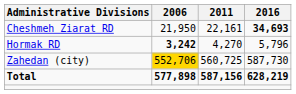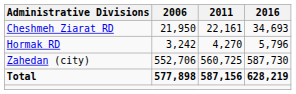 <table class="wikitable">
 <tr>
 <th>Administrative Divisions</th>
 <th>2006</th>
 <th>2011</th>
 <th>2016</th>
 </tr>
 <tr>
 <td><a href='#'>Cheshmeh Ziarat RD</a></td>
 <td style="text-align: right;">21,950</td>
 <td style="text-align: right;">22,161</td>
-<td style="text-align: right;"><strong>34,693</strong></td>
+<td style="text-align: right;">34,693</td>
 </tr>
 <tr>
 <td><a href='#'>Hormak RD</a></td>
-<td style="text-align: right;"><strong>3,242</strong></td>
+<td style="text-align: right;">3,242</td>
 <td style="text-align: right;">4,270</td>
 <td style="text-align: right;">5,796</td>
 </tr>
 <tr>
 <td><a href='#'>Zahedan</a> (city)</td>
-<td style="background: gold; text-align: right;">552,706</td>
+<td style="text-align: right;">552,706</td>
 <td style="text-align: right;">560,725</td>
 <td style="text-align: right;">587,730</td>
 </tr>
 <tr>
 <td><strong>Total</strong></td>
 <td style="text-align: right;"><strong>577,898</strong></td>
 <td style="text-align: right;"><strong>587,156</strong></td>
 <td style="text-align: right;"><strong>628,219</strong></td>
 </tr>
 <tr>
 <td colspan=4></td>
 </tr>
 </table>
